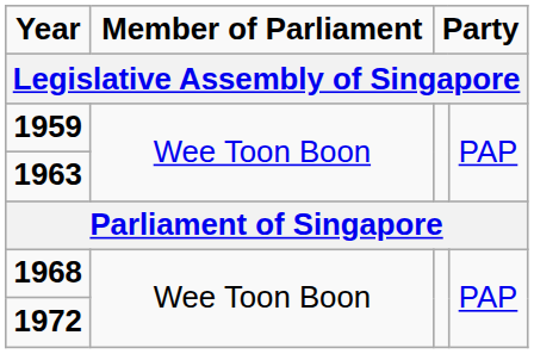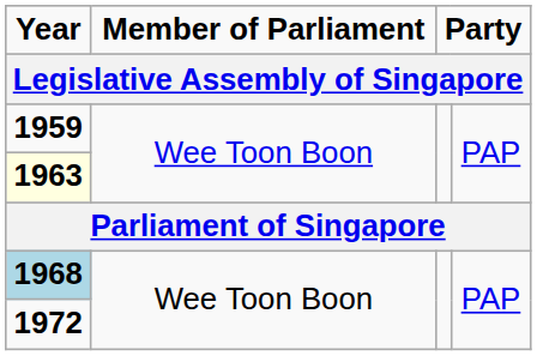 <table class="wikitable" align="center" style="text-align:center">
 <tr>
 <td><strong>Year</strong></td>
 <td><strong>Member of Parliament</strong></td>
 <td colspan="2"><strong>Party</strong></td>
 </tr>
 <tr>
 <th colspan="4"><a href='#'>Legislative Assembly of Singapore</a></th>
 </tr>
 <tr>
 <td><strong>1959</strong></td>
 <td rowspan="2"><a href='#'>Wee Toon Boon</a></td>
 <td rowspan="2"></td>
 <td rowspan="2"><a href='#'>PAP</a></td>
 </tr>
 <tr>
-<td><strong>1963</strong></td>
+<td style="background: lightyellow;"><strong>1963</strong></td>
 </tr>
 <tr>
 <th colspan="4"><a href='#'>Parliament of Singapore</a></th>
 </tr>
 <tr>
-<td><strong>1968</strong></td>
+<td style="background: lightblue;"><strong>1968</strong></td>
 <td rowspan="2">Wee Toon Boon</td>
 <td rowspan="2"></td>
 <td rowspan="2"><a href='#'>PAP</a></td>
 </tr>
 <tr>
 <td><strong>1972</strong></td>
 </tr>
 </table>
